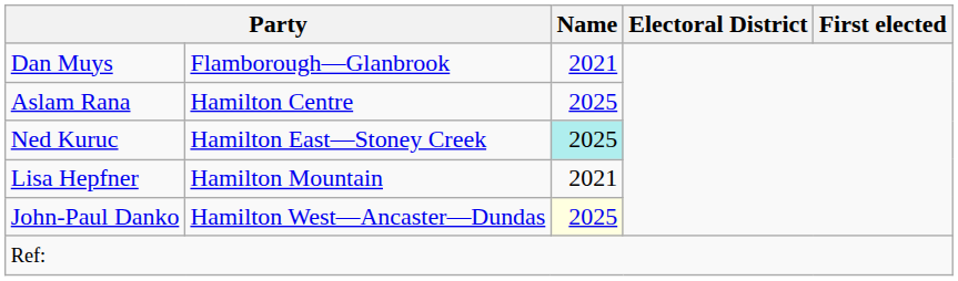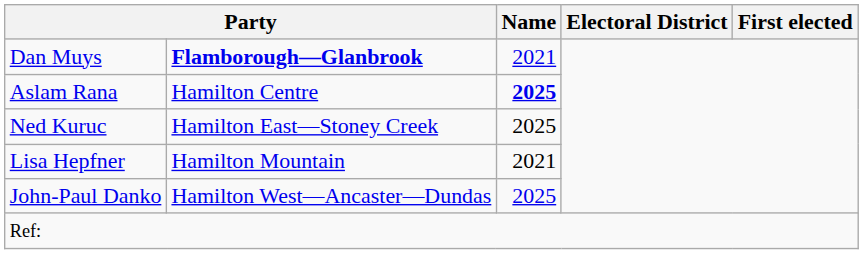 <table class="wikitable plainrowheaders" style="text-align:right">
 <tr>
 <th colspan="2">Party</th>
 <th>Name</th>
 <th>Electoral District</th>
 <th>First elected</th>
 </tr>
 <tr>
 <td style="text-align:left;"><a href='#'>Dan Muys</a></td>
-<td style="text-align:left;"><a href='#'>Flamborough—Glanbrook</a></td>
+<td style="text-align:left;"><strong><a href='#'>Flamborough—Glanbrook</a></strong></td>
 <td><a href='#'>2021</a></td>
 </tr>
 <tr>
 <td style="text-align:left;"><a href='#'>Aslam Rana</a></td>
 <td style="text-align:left;"><a href='#'>Hamilton Centre</a></td>
-<td><a href='#'>2025</a></td>
+<td><strong><a href='#'>2025</a></strong></td>
 </tr>
 <tr>
 <td style="text-align:left;"><a href='#'>Ned Kuruc</a></td>
 <td style="text-align:left;"><a href='#'>Hamilton East—Stoney Creek</a></td>
-<td style="background: paleturquoise;">2025</td>
+<td>2025</td>
 </tr>
 <tr>
 <td style="text-align:left;"><a href='#'>Lisa Hepfner</a></td>
 <td style="text-align:left;"><a href='#'>Hamilton Mountain</a></td>
 <td>2021</td>
 </tr>
 <tr>
 <td style="text-align:left;"><a href='#'>John-Paul Danko</a></td>
 <td style="text-align:left;"><a href='#'>Hamilton West—Ancaster—Dundas</a></td>
-<td style="background: lightyellow;"><a href='#'>2025</a></td>
+<td><a href='#'>2025</a></td>
 </tr>
 <tr>
 <td colspan="5"; style="text-align:left;"><small>Ref:</small></td>
 </tr>
 </table>
